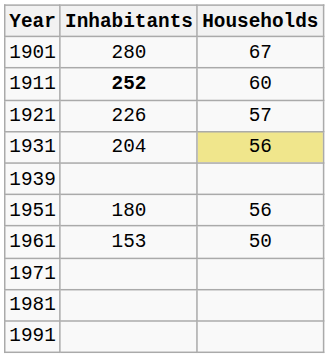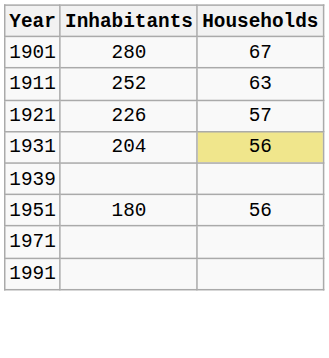 <table class="wikitable" style= "text-align: center;display: inline-table;">
 <tr>
 <th>Year</th>
 <th>Inhabitants</th>
 <th>Households</th>
 </tr>
 <tr>
 <td>1901</td>
 <td>280</td>
 <td>67</td>
 </tr>
 <tr>
 <td>1911</td>
-<td><strong>252</strong></td>
-<td>60</td>
+<td>252</td>
+<td>63</td>
 </tr>
 <tr>
 <td>1921</td>
 <td>226</td>
 <td>57</td>
 </tr>
 <tr>
 <td>1931</td>
 <td>204</td>
 <td style="background: khaki;">56</td>
 </tr>
 <tr>
 <td>1939</td>
 <td></td>
 <td></td>
 </tr>
 <tr>
 <td>1951</td>
 <td>180</td>
 <td>56</td>
 </tr>
 <tr>
-<td>1961</td>
-<td>153</td>
-<td>50</td>
-</tr>
-<tr>
 <td>1971</td>
-<td></td>
-<td></td>
-</tr>
-<tr>
-<td>1981</td>
 <td></td>
 <td></td>
 </tr>
 <tr>
 <td>1991</td>
 <td></td>
 <td></td>
 </tr>
 </table>
